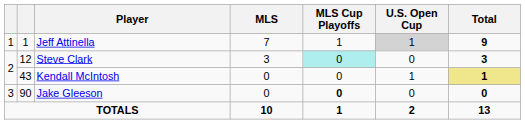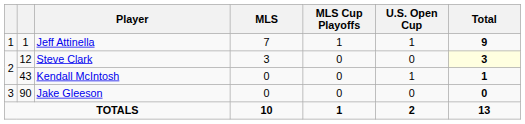 <table class="wikitable sortable" style="font-size: 90%; text-align: center;">
 <tr>
 <th width=10></th>
 <th width=10></th>
 <th width=255>Player</th>
 <th width=90>MLS</th>
 <th width=90>MLS Cup Playoffs</th>
 <th width=90>U.S. Open Cup</th>
 <th width=90>Total</th>
 </tr>
 <tr>
 <td>1</td>
 <td>1</td>
 <td align=left> <a href='#'>Jeff Attinella</a></td>
 <td>7</td>
 <td>1</td>
-<td style="background: lightgrey;">1</td>
+<td>1</td>
 <td><strong>9</strong></td>
 </tr>
 <tr>
 <td rowspan="2">2</td>
 <td>12</td>
 <td align=left> <a href='#'>Steve Clark</a></td>
 <td>3</td>
-<td style="background: paleturquoise;">0</td>
 <td>0</td>
-<td><strong>3</strong></td>
+<td>0</td>
+<td style="background: lightyellow;"><strong>3</strong></td>
 </tr>
 <tr>
 <td>43</td>
 <td align=left> <a href='#'>Kendall McIntosh</a></td>
 <td>0</td>
 <td>0</td>
 <td>1</td>
-<td style="background: khaki;"><strong>1</strong></td>
+<td><strong>1</strong></td>
 </tr>
 <tr>
 <td>3</td>
 <td>90</td>
 <td align=left> <a href='#'>Jake Gleeson</a></td>
 <td>0</td>
-<td><strong>0</strong></td>
+<td>0</td>
 <td>0</td>
 <td><strong>0</strong></td>
 </tr>
 <tr>
 <td colspan="3"><strong>TOTALS</strong></td>
 <td><strong>10</strong></td>
 <td><strong>1</strong></td>
 <td><strong>2</strong></td>
 <td><strong>13</strong></td>
 </tr>
 </table>
